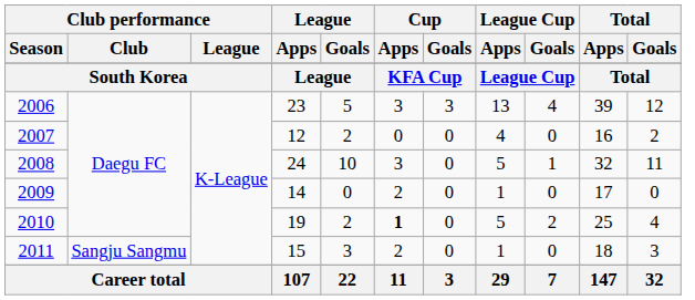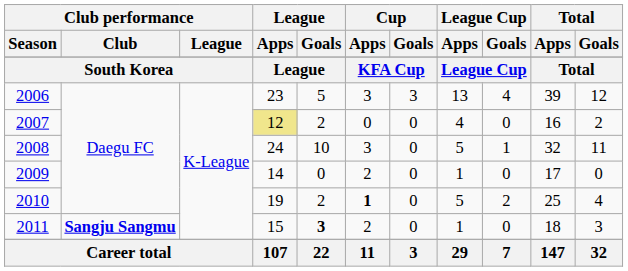 <table class="wikitable" style="text-align:center">
 <tr>
 <th colspan=3>Club performance</th>
 <th colspan=2>League</th>
 <th colspan=2>Cup</th>
 <th colspan=2>League Cup</th>
 <th colspan=2>Total</th>
 </tr>
 <tr>
 <th>Season</th>
 <th>Club</th>
 <th>League</th>
 <th>Apps</th>
 <th>Goals</th>
 <th>Apps</th>
 <th>Goals</th>
 <th>Apps</th>
 <th>Goals</th>
 <th>Apps</th>
 <th>Goals</th>
 </tr>
 <tr>
 </tr>
 <tr>
 <th colspan=3>South Korea</th>
 <th colspan=2>League</th>
 <th colspan=2><a href='#'>KFA Cup</a></th>
 <th colspan=2><a href='#'>League Cup</a></th>
 <th colspan=2>Total</th>
 </tr>
 <tr>
 <td><a href='#'>2006</a></td>
 <td rowspan="5"><a href='#'>Daegu FC</a></td>
 <td rowspan="6"><a href='#'>K-League</a></td>
 <td>23</td>
 <td>5</td>
 <td>3</td>
 <td>3</td>
 <td>13</td>
 <td>4</td>
 <td>39</td>
 <td>12</td>
 </tr>
 <tr>
 <td><a href='#'>2007</a></td>
-<td>12</td>
+<td style="background: khaki;">12</td>
 <td>2</td>
 <td>0</td>
 <td>0</td>
 <td>4</td>
 <td>0</td>
 <td>16</td>
 <td>2</td>
 </tr>
 <tr>
 <td><a href='#'>2008</a></td>
 <td>24</td>
 <td>10</td>
 <td>3</td>
 <td>0</td>
 <td>5</td>
 <td>1</td>
 <td>32</td>
 <td>11</td>
 </tr>
 <tr>
 <td><a href='#'>2009</a></td>
 <td>14</td>
 <td>0</td>
 <td>2</td>
 <td>0</td>
 <td>1</td>
 <td>0</td>
 <td>17</td>
 <td>0</td>
 </tr>
 <tr>
 <td><a href='#'>2010</a></td>
 <td>19</td>
 <td>2</td>
 <td><strong>1</strong></td>
 <td>0</td>
 <td>5</td>
 <td>2</td>
 <td>25</td>
 <td>4</td>
 </tr>
 <tr>
 <td><a href='#'>2011</a></td>
-<td rowspan="1"><a href='#'>Sangju Sangmu</a></td>
+<td rowspan="1"><strong><a href='#'>Sangju Sangmu</a></strong></td>
 <td>15</td>
-<td>3</td>
+<td><strong>3</strong></td>
 <td>2</td>
 <td>0</td>
 <td>1</td>
 <td>0</td>
 <td>18</td>
 <td>3</td>
 </tr>
 <tr>
 </tr>
 <tr>
 <th colspan=3>Career total</th>
 <th>107</th>
 <th>22</th>
 <th>11</th>
 <th>3</th>
 <th>29</th>
 <th>7</th>
 <th>147</th>
 <th>32</th>
 </tr>
 </table>
